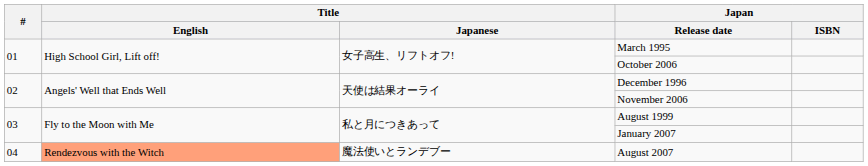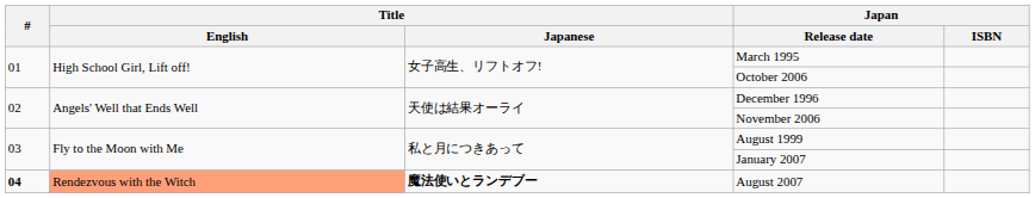 <table class="wikitable" width="100%">
 <tr>
 <th rowspan="2">#</th>
 <th colspan="2">Title</th>
 <th colspan="2">Japan</th>
 </tr>
 <tr bgcolor="#e6e9ff">
 <th>English</th>
 <th>Japanese</th>
 <th>Release date</th>
 <th>ISBN</th>
 </tr>
 <tr>
 <td rowspan="2">01</td>
 <td rowspan="2">High School Girl, Lift off!</td>
 <td rowspan="2">女子高生、リフトオフ!</td>
 <td>March 1995</td>
 <td></td>
 </tr>
 <tr>
 <td>October 2006</td>
 <td></td>
 </tr>
 <tr>
 <td rowspan="2">02</td>
 <td rowspan="2">Angels' Well that Ends Well</td>
 <td rowspan="2">天使は結果オーライ</td>
 <td>December 1996</td>
 <td></td>
 </tr>
 <tr>
 <td>November 2006</td>
 <td></td>
 </tr>
 <tr>
 <td rowspan="2">03</td>
 <td rowspan="2">Fly to the Moon with Me</td>
 <td rowspan="2">私と月につきあって</td>
 <td>August 1999</td>
 <td></td>
 </tr>
 <tr>
 <td>January 2007</td>
 <td></td>
 </tr>
 <tr>
-<td>04</td>
+<td><strong>04</strong></td>
 <td style="background: lightsalmon;">Rendezvous with the Witch</td>
-<td>魔法使いとランデブー</td>
+<td><strong>魔法使いとランデブー</strong></td>
 <td>August 2007</td>
 <td></td>
 </tr>
 </table>
